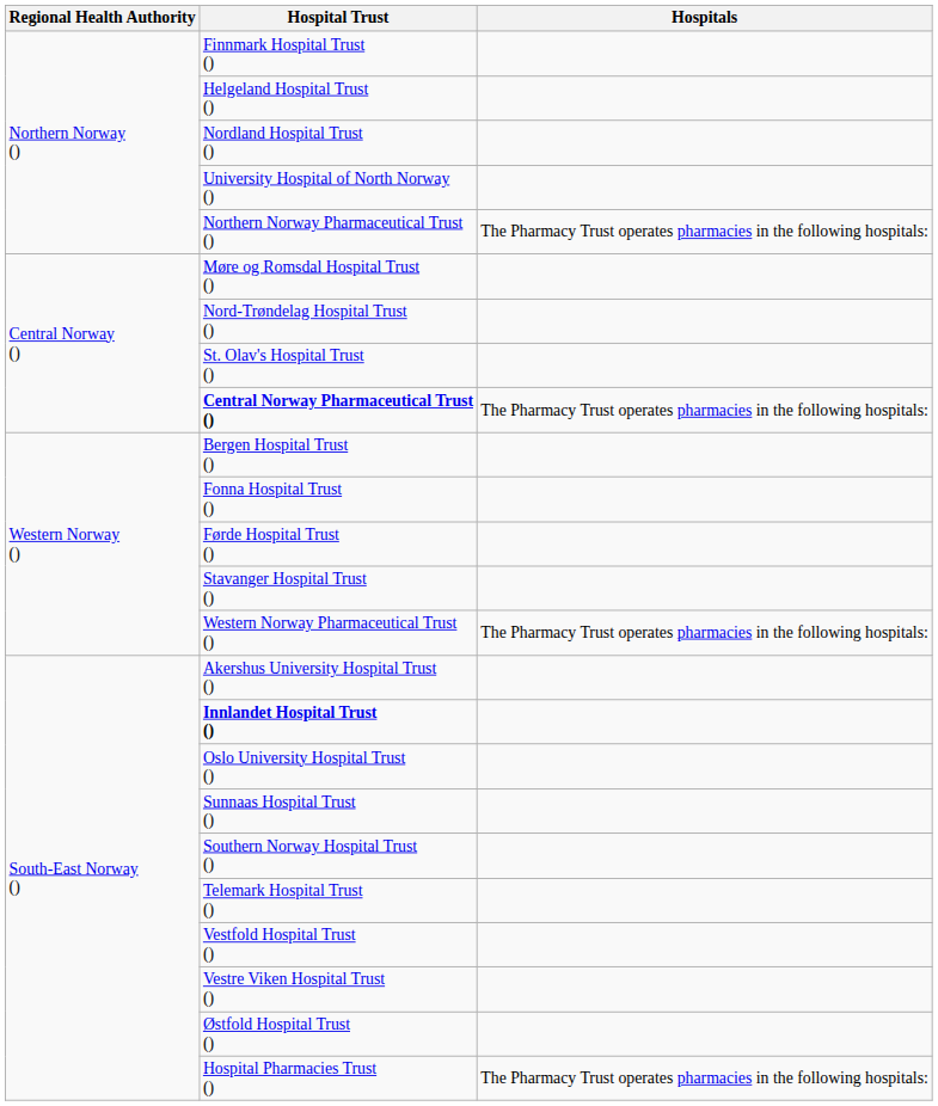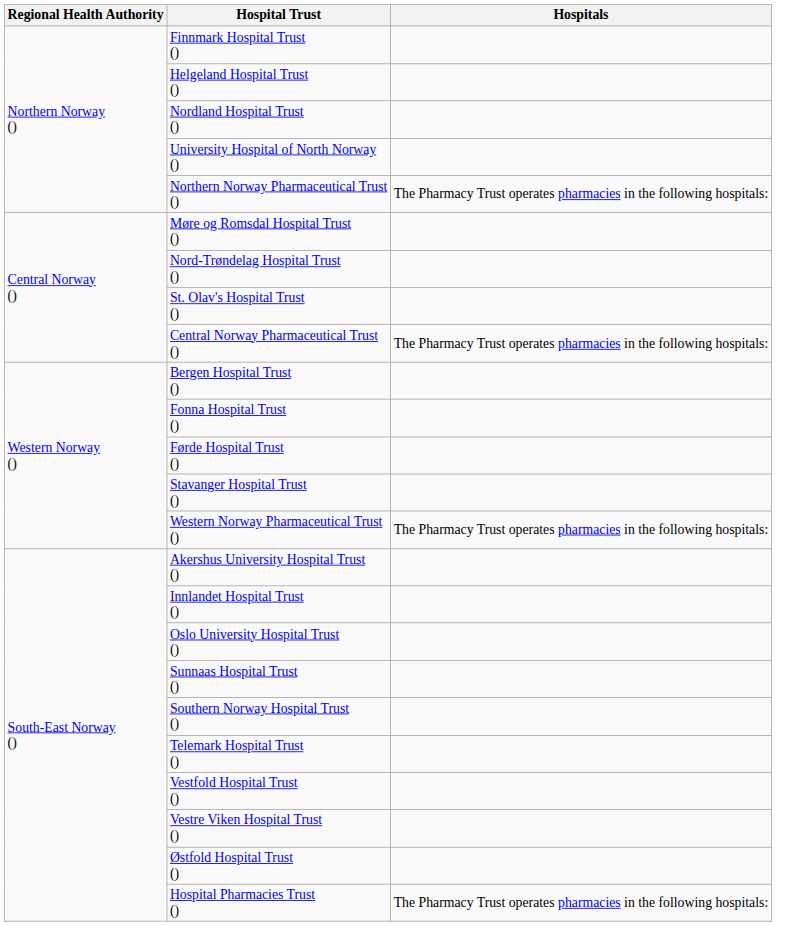 <table class="wikitable">
 <tr>
 <th>Regional Health Authority</th>
 <th>Hospital Trust</th>
 <th>Hospitals</th>
 </tr>
 <tr>
 <td rowspan="5"><a href='#'>Northern Norway</a><br>()</td>
 <td><a href='#'>Finnmark Hospital Trust</a><br>()</td>
 <td></td>
 </tr>
 <tr>
 <td><a href='#'>Helgeland Hospital Trust</a><br>()</td>
 <td></td>
 </tr>
 <tr>
 <td><a href='#'>Nordland Hospital Trust</a><br>()</td>
 <td></td>
 </tr>
 <tr>
 <td><a href='#'>University Hospital of North Norway</a><br>()</td>
 <td></td>
 </tr>
 <tr>
 <td><a href='#'>Northern Norway Pharmaceutical Trust</a><br>()</td>
 <td>The Pharmacy Trust operates <a href='#'>pharmacies</a> in the following hospitals:</td>
 </tr>
 <tr>
 <td rowspan="4"><a href='#'>Central Norway</a><br>()</td>
 <td><a href='#'>Møre og Romsdal Hospital Trust</a><br>()</td>
 <td></td>
 </tr>
 <tr>
 <td><a href='#'>Nord-Trøndelag Hospital Trust</a><br>()</td>
 <td></td>
 </tr>
 <tr>
 <td><a href='#'>St. Olav's Hospital Trust</a><br>()</td>
 <td></td>
 </tr>
 <tr>
-<td><strong><a href='#'>Central Norway Pharmaceutical Trust</a><br>()</strong></td>
+<td><a href='#'>Central Norway Pharmaceutical Trust</a><br>()</td>
 <td>The Pharmacy Trust operates <a href='#'>pharmacies</a> in the following hospitals:</td>
 </tr>
 <tr>
 <td rowspan="5"><a href='#'>Western Norway</a><br>()</td>
 <td><a href='#'>Bergen Hospital Trust</a><br>()</td>
 <td></td>
 </tr>
 <tr>
 <td><a href='#'>Fonna Hospital Trust</a><br>()</td>
 <td></td>
 </tr>
 <tr>
 <td><a href='#'>Førde Hospital Trust</a><br>()</td>
 <td></td>
 </tr>
 <tr>
 <td><a href='#'>Stavanger Hospital Trust</a><br>()</td>
 <td></td>
 </tr>
 <tr>
 <td><a href='#'>Western Norway Pharmaceutical Trust</a><br>()</td>
 <td>The Pharmacy Trust operates <a href='#'>pharmacies</a> in the following hospitals:</td>
 </tr>
 <tr>
 <td rowspan="10"><a href='#'>South-East Norway</a><br>()</td>
 <td><a href='#'>Akershus University Hospital Trust</a><br>()</td>
 <td></td>
 </tr>
 <tr>
-<td><strong><a href='#'>Innlandet Hospital Trust</a><br>()</strong></td>
+<td><a href='#'>Innlandet Hospital Trust</a><br>()</td>
 <td></td>
 </tr>
 <tr>
 <td><a href='#'>Oslo University Hospital Trust</a><br>()</td>
 <td></td>
 </tr>
 <tr>
 <td><a href='#'>Sunnaas Hospital Trust</a><br>()</td>
 <td></td>
 </tr>
 <tr>
 <td><a href='#'>Southern Norway Hospital Trust</a><br>()</td>
 <td></td>
 </tr>
 <tr>
 <td><a href='#'>Telemark Hospital Trust</a><br>()</td>
 <td></td>
 </tr>
 <tr>
 <td><a href='#'>Vestfold Hospital Trust</a><br>()</td>
 <td></td>
 </tr>
 <tr>
 <td><a href='#'>Vestre Viken Hospital Trust</a><br>()</td>
 <td></td>
 </tr>
 <tr>
 <td><a href='#'>Østfold Hospital Trust</a><br>()</td>
 <td></td>
 </tr>
 <tr>
 <td><a href='#'>Hospital Pharmacies Trust</a><br>()</td>
 <td>The Pharmacy Trust operates <a href='#'>pharmacies</a> in the following hospitals:</td>
 </tr>
 </table>
